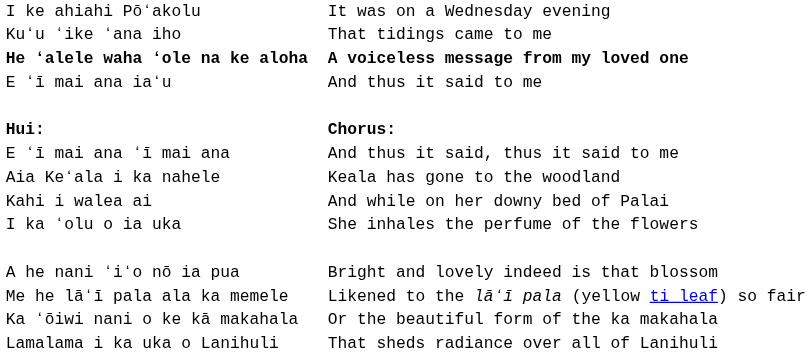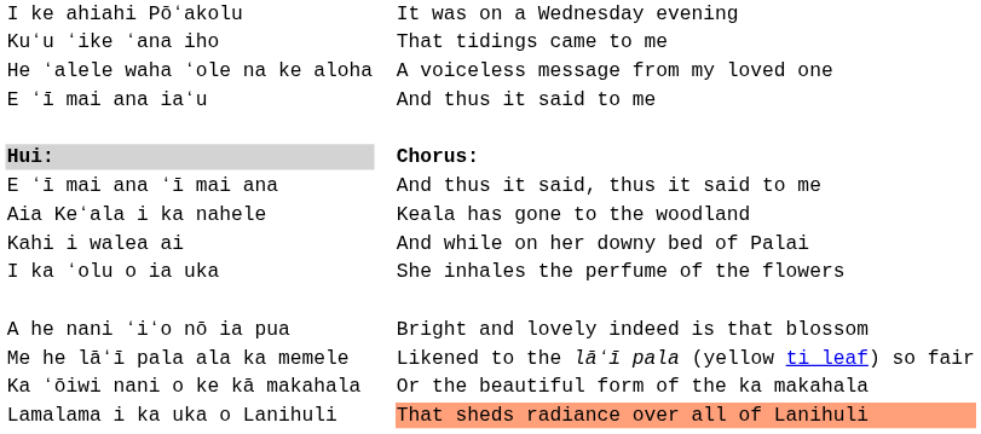 <table>
 <tr>
 <td>I ke ahiahi Pōʻakolu</td>
 <td rowspan=99> </td>
 <td>It was on a Wednesday evening</td>
 </tr>
 <tr>
 <td>Kuʻu ʻike ʻana iho</td>
 <td>That tidings came to me</td>
 </tr>
 <tr>
-<td><strong>He ʻalele waha ʻole na ke aloha</strong></td>
-<td><strong>A voiceless message from my loved one</strong></td>
+<td>He ʻalele waha ʻole na ke aloha</td>
+<td>A voiceless message from my loved one</td>
 </tr>
 <tr>
 <td>E ʻī mai ana iaʻu</td>
 <td>And thus it said to me</td>
 </tr>
 <tr>
 <td> </td>
 <td> </td>
 </tr>
 <tr>
-<td><strong>Hui:</strong></td>
+<td style="background: lightgrey;"><strong>Hui:</strong></td>
 <td><strong>Chorus:</strong></td>
 </tr>
 <tr>
 <td>E ʻī mai ana ʻī mai ana</td>
 <td>And thus it said, thus it said to me</td>
 </tr>
 <tr>
 <td>Aia Keʻala i ka nahele</td>
 <td>Keala has gone to the woodland</td>
 </tr>
 <tr>
 <td>Kahi i walea ai</td>
 <td>And while on her downy bed of Palai</td>
 </tr>
 <tr>
 <td>I ka ʻolu o ia uka</td>
 <td>She inhales the perfume of the flowers</td>
 </tr>
 <tr>
 <td> </td>
 <td> </td>
 </tr>
 <tr>
 <td>A he nani ʻiʻo nō ia pua</td>
 <td>Bright and lovely indeed is that blossom</td>
 </tr>
 <tr>
 <td>Me he lāʻī pala ala ka memele</td>
 <td>Likened to the <em>lāʻī pala</em> (yellow <a href='#'>ti leaf</a>) so fair</td>
 </tr>
 <tr>
 <td>Ka ʻōiwi nani o ke kā makahala</td>
 <td>Or the beautiful form of the ka makahala</td>
 </tr>
 <tr>
 <td>Lamalama i ka uka o Lanihuli</td>
-<td>That sheds radiance over all of Lanihuli</td>
+<td style="background: lightsalmon;">That sheds radiance over all of Lanihuli</td>
 </tr>
 </table>
